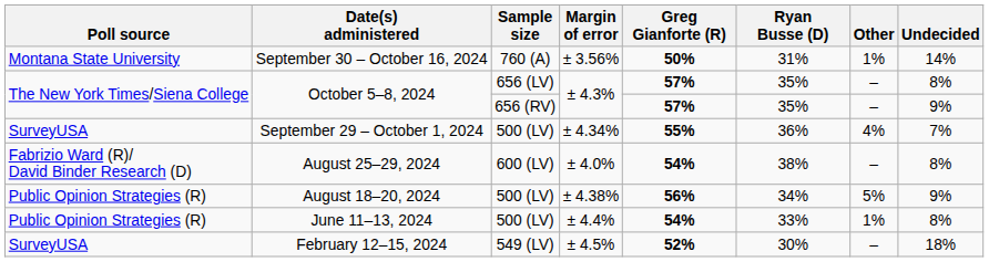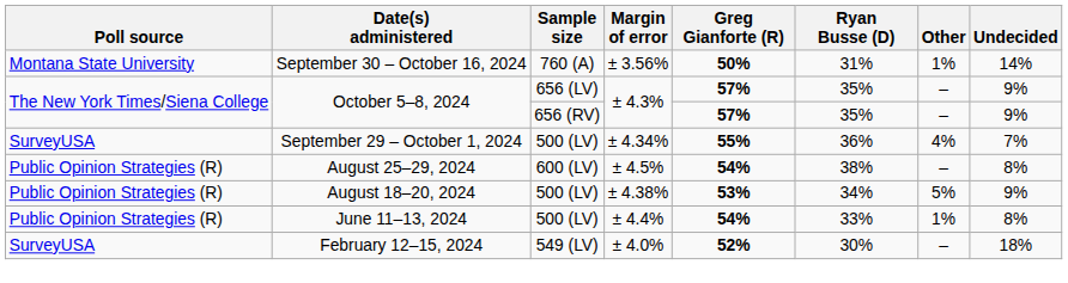 <table class="wikitable" style="font-size:90%;text-align:center;">
 <tr valign=bottom>
 <th>Poll source</th>
 <th>Date(s)<br>administered</th>
 <th>Sample<br>size</th>
 <th>Margin<br>of error</th>
 <th style="width:100px;">Greg<br>Gianforte (R)</th>
 <th style="width:100px;">Ryan<br>Busse (D)</th>
 <th>Other</th>
 <th>Undecided</th>
 </tr>
 <tr>
 <td style="text-align:left"><a href='#'>Montana State University</a></td>
 <td>September 30 – October 16, 2024</td>
 <td>760 (A)</td>
 <td>± 3.56%</td>
 <td><strong>50%</strong></td>
 <td>31%</td>
 <td>1%</td>
 <td>14%</td>
 </tr>
 <tr>
 <td style="text-align:left;" rowspan="2"><a href='#'>The New York Times</a>/<a href='#'>Siena College</a></td>
 <td rowspan="2">October 5–8, 2024</td>
 <td>656 (LV)</td>
 <td rowspan="2">± 4.3%</td>
 <td><strong>57%</strong></td>
 <td>35%</td>
 <td>–</td>
-<td>8%</td>
+<td>9%</td>
 </tr>
 <tr>
 <td>656 (RV)</td>
 <td><strong>57%</strong></td>
 <td>35%</td>
 <td>–</td>
 <td>9%</td>
 </tr>
 <tr>
 <td style="text-align:left;"><a href='#'>SurveyUSA</a></td>
 <td>September 29 – October 1, 2024</td>
 <td>500 (LV)</td>
 <td>± 4.34%</td>
 <td><strong>55%</strong></td>
 <td>36%</td>
 <td>4%</td>
 <td>7%</td>
 </tr>
 <tr>
-<td style="text-align:left"><a href='#'>Fabrizio Ward</a> (R)/<a href='#'><br>David Binder Research</a> (D)</td>
+<td style="text-align:left;"><a href='#'>Public Opinion Strategies</a> (R)</td>
 <td>August 25–29, 2024</td>
 <td>600 (LV)</td>
-<td>± 4.0%</td>
+<td>± 4.5%</td>
 <td><strong>54%</strong></td>
 <td>38%</td>
 <td>–</td>
 <td>8%</td>
 </tr>
 <tr>
 <td style="text-align:left;"><a href='#'>Public Opinion Strategies</a> (R)</td>
 <td>August 18–20, 2024</td>
 <td>500 (LV)</td>
 <td>± 4.38%</td>
-<td><strong>56%</strong></td>
+<td><strong>53%</strong></td>
 <td>34%</td>
 <td>5%</td>
 <td>9%</td>
 </tr>
 <tr>
 <td style="text-align:left;"><a href='#'>Public Opinion Strategies</a> (R)</td>
 <td>June 11–13, 2024</td>
 <td>500 (LV)</td>
 <td>± 4.4%</td>
 <td><strong>54%</strong></td>
 <td>33%</td>
 <td>1%</td>
 <td>8%</td>
 </tr>
 <tr>
 <td style="text-align:left;"><a href='#'>SurveyUSA</a></td>
 <td>February 12–15, 2024</td>
 <td>549 (LV)</td>
-<td>± 4.5%</td>
+<td>± 4.0%</td>
 <td><strong>52%</strong></td>
 <td>30%</td>
 <td>–</td>
 <td>18%</td>
 </tr>
 </table>
